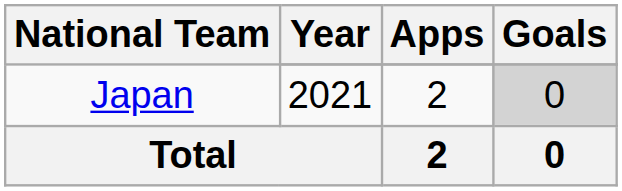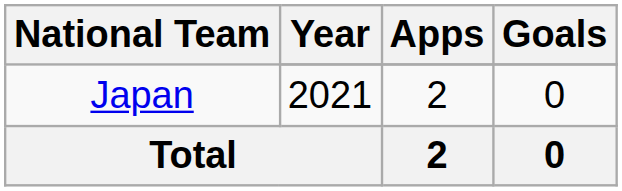 <table class="wikitable" style="text-align:center">
 <tr>
 <th>National Team</th>
 <th>Year</th>
 <th>Apps</th>
 <th>Goals</th>
 </tr>
 <tr>
 <td rowspan="2"><a href='#'>Japan</a></td>
 </tr>
 <tr>
 <td>2021</td>
 <td>2</td>
-<td style="background: lightgrey;">0</td>
+<td>0</td>
 </tr>
 <tr>
 <th colspan="2">Total</th>
 <th>2</th>
 <th>0</th>
 </tr>
 </table>
